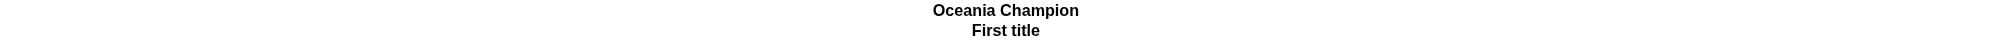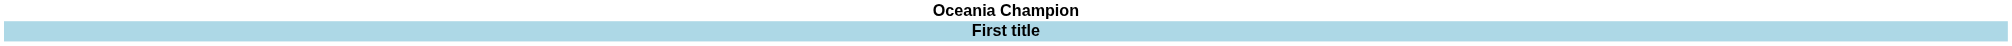 <table cellspacing=0 width=100% style="text-align:center; font-weight:bold;">
 <tr>
 <td></td>
 </tr>
 <tr>
 <td>Oceania Champion</td>
 </tr>
 <tr>
-<td>First title</td>
+<td style="background: lightblue;">First title</td>
 </tr>
 </table>
